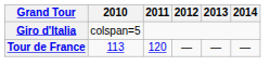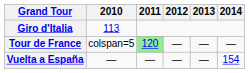 <table class="wikitable plainrowheaders">
 <tr>
 <th scope="col"><a href='#'>Grand Tour</a></th>
 <th scope="col">2010</th>
 <th scope="col">2011</th>
 <th scope="col">2012</th>
 <th scope="col">2013</th>
 <th scope="col">2014</th>
 </tr>
 <tr style="text-align:center;">
 <th scope="row"> <a href='#'>Giro d'Italia</a></th>
-<td>colspan=5 </td>
+<td><a href='#'>113</a></td>
 </tr>
 <tr style="text-align:center;">
 <th scope="row"> <a href='#'>Tour de France</a></th>
-<td><a href='#'>113</a></td>
-<td><a href='#'>120</a></td>
+<td>colspan=5 </td>
+<td style="background: lightgreen;"><a href='#'>120</a></td>
 <td>—</td>
 <td>—</td>
 <td>—</td>
 </tr>
+<tr style="text-align:center;">
+<th scope="row"> <a href='#'>Vuelta a España</a></th>
+<td>—</td>
+<td>—</td>
+<td>—</td>
+<td>—</td>
+<td><a href='#'>154</a></td>
+</tr>
 </table>
